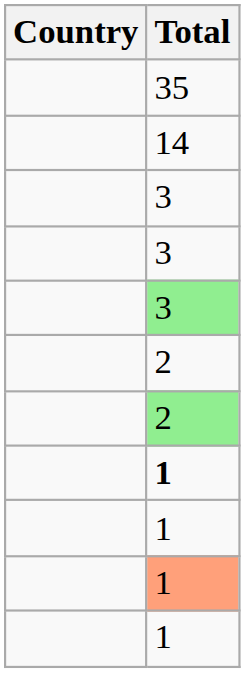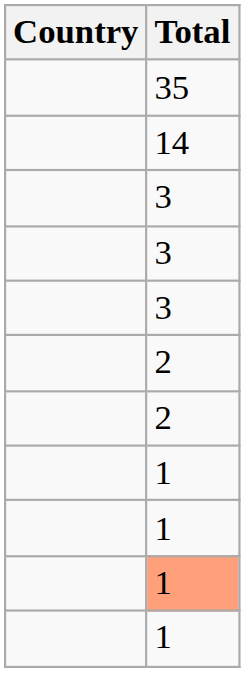 <table class="wikitable sortable">
 <tr>
 <th>Country</th>
 <th>Total</th>
 </tr>
 <tr>
 <td></td>
 <td>35</td>
 </tr>
 <tr>
 <td></td>
 <td>14</td>
 </tr>
 <tr>
 <td></td>
 <td>3</td>
 </tr>
 <tr>
 <td></td>
 <td>3</td>
 </tr>
 <tr>
 <td></td>
-<td style="background: lightgreen;">3</td>
+<td>3</td>
 </tr>
 <tr>
 <td></td>
 <td>2</td>
 </tr>
 <tr>
 <td></td>
-<td style="background: lightgreen;">2</td>
+<td>2</td>
 </tr>
 <tr>
 <td></td>
-<td><strong>1</strong></td>
+<td>1</td>
 </tr>
 <tr>
 <td></td>
 <td>1</td>
 </tr>
 <tr>
 <td></td>
 <td style="background: lightsalmon;">1</td>
 </tr>
 <tr>
 <td></td>
 <td>1</td>
 </tr>
 </table>
